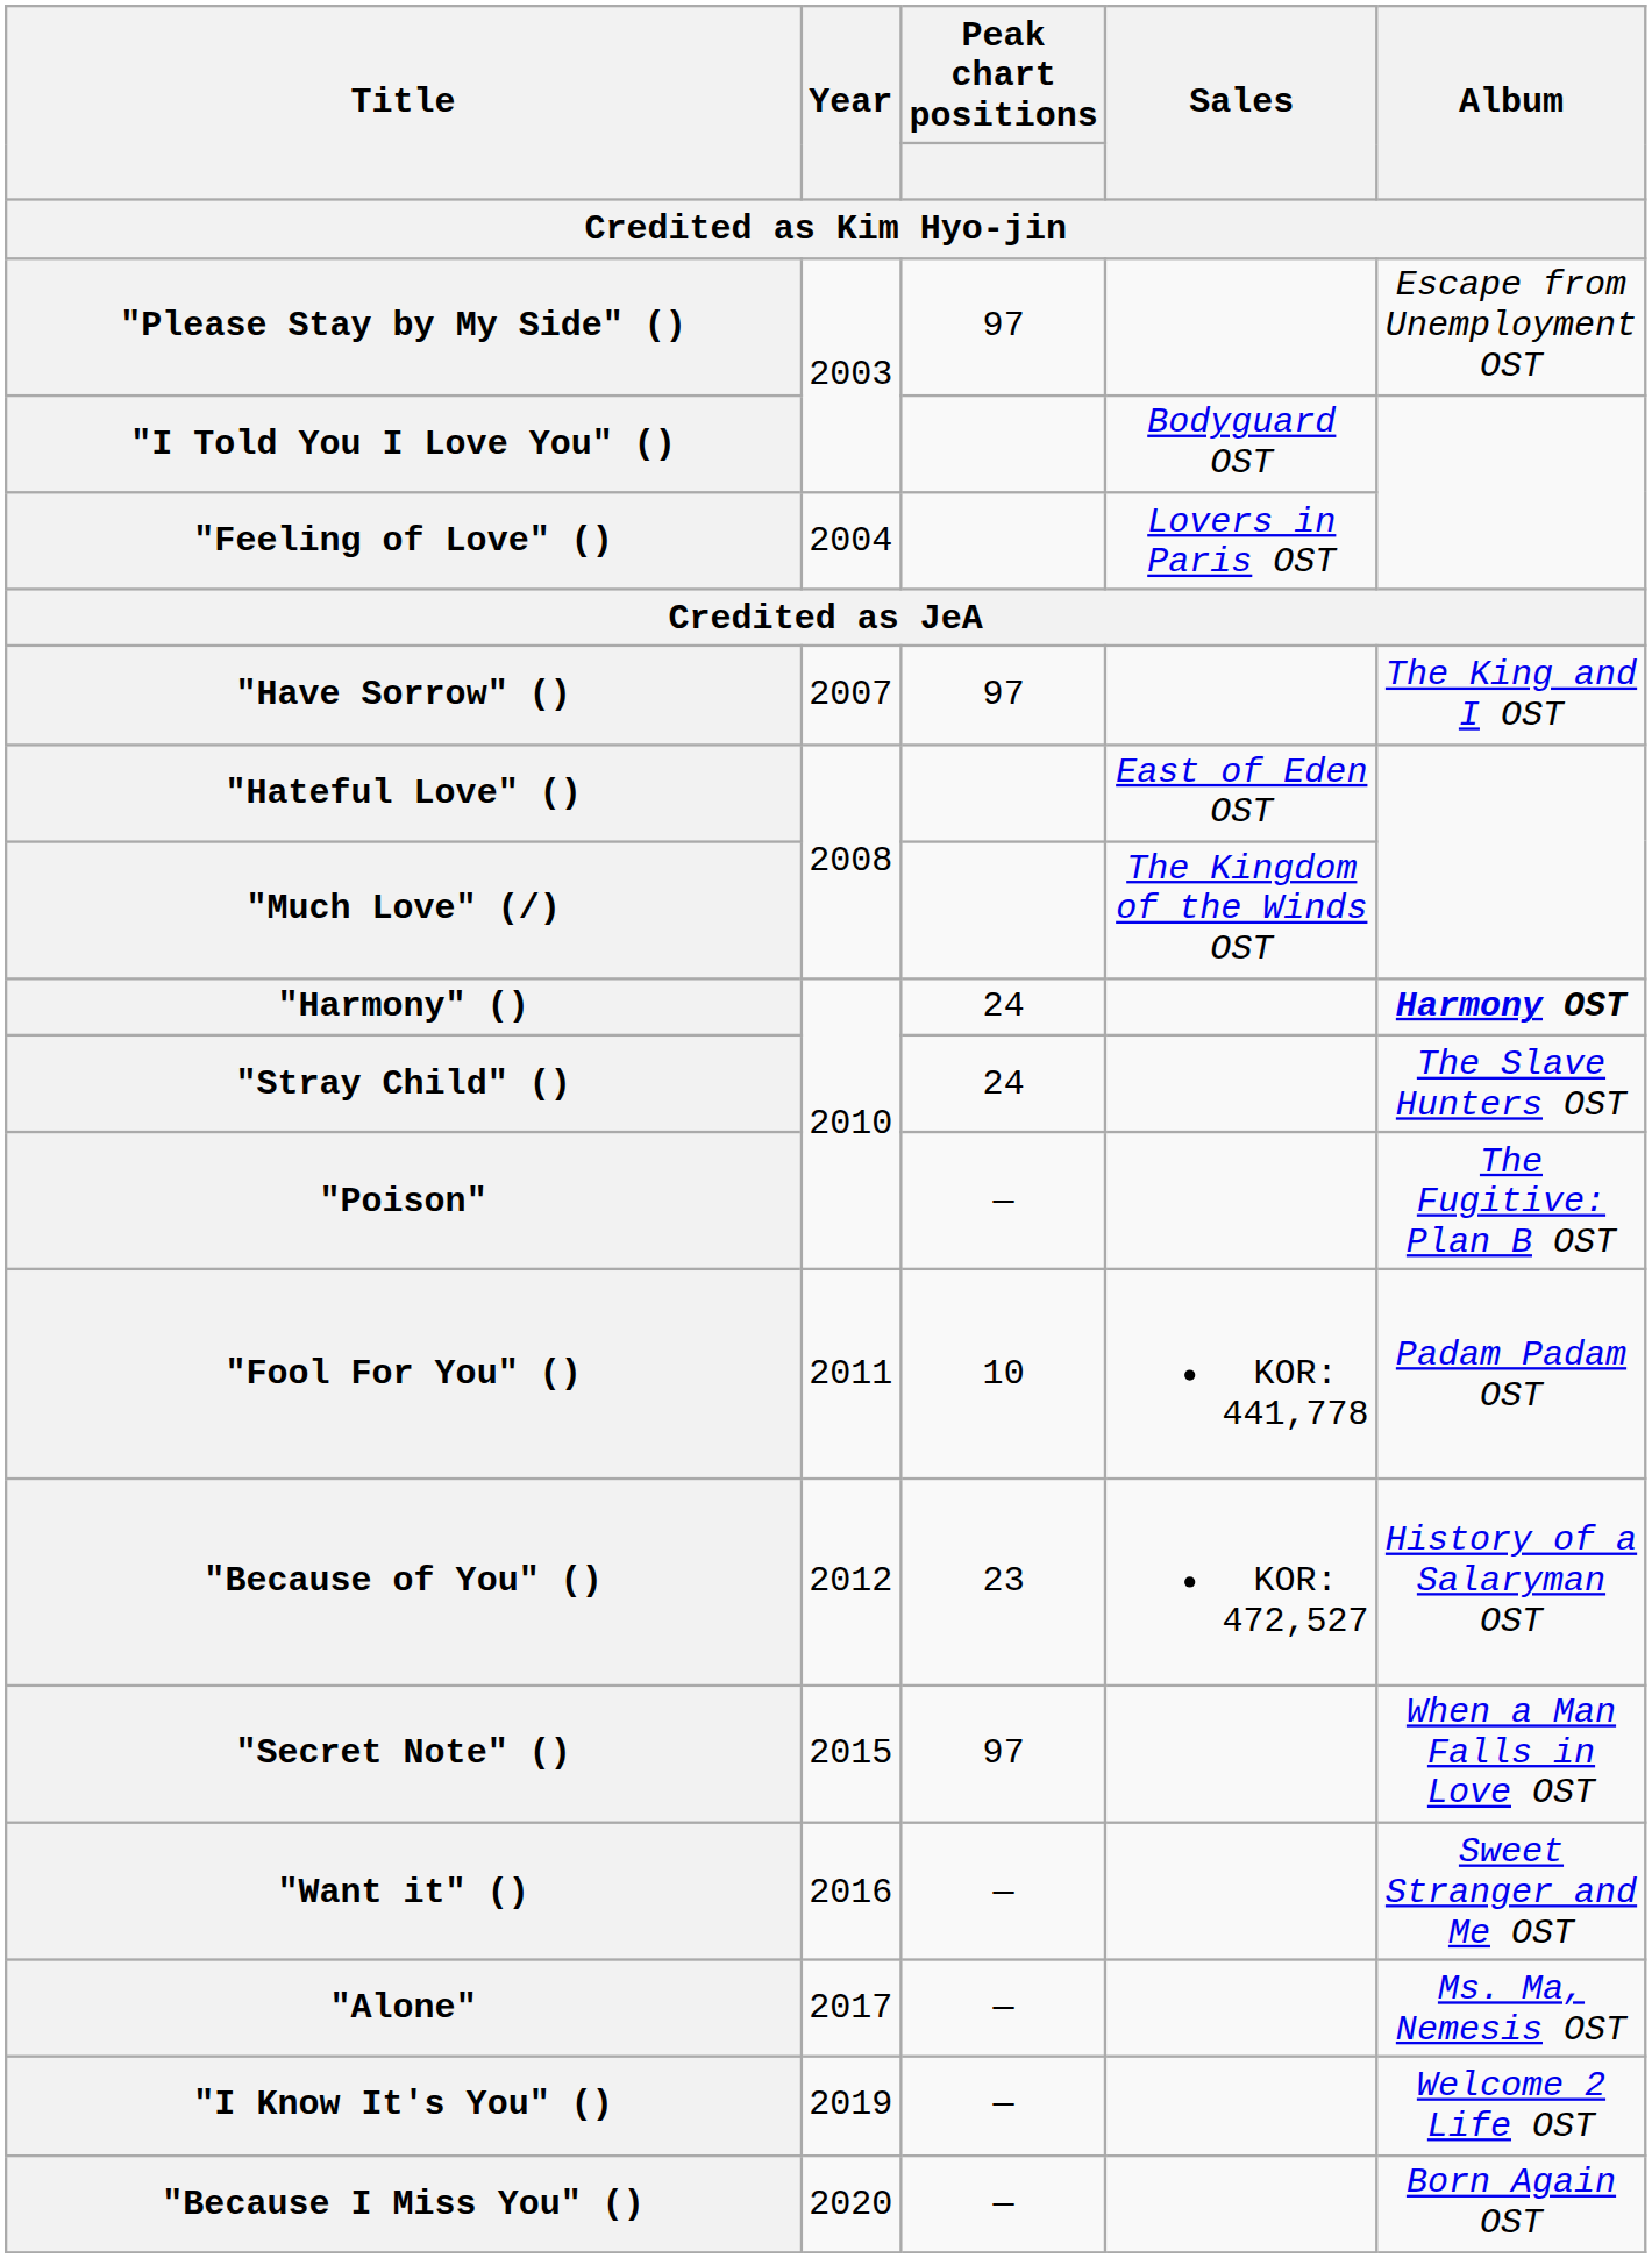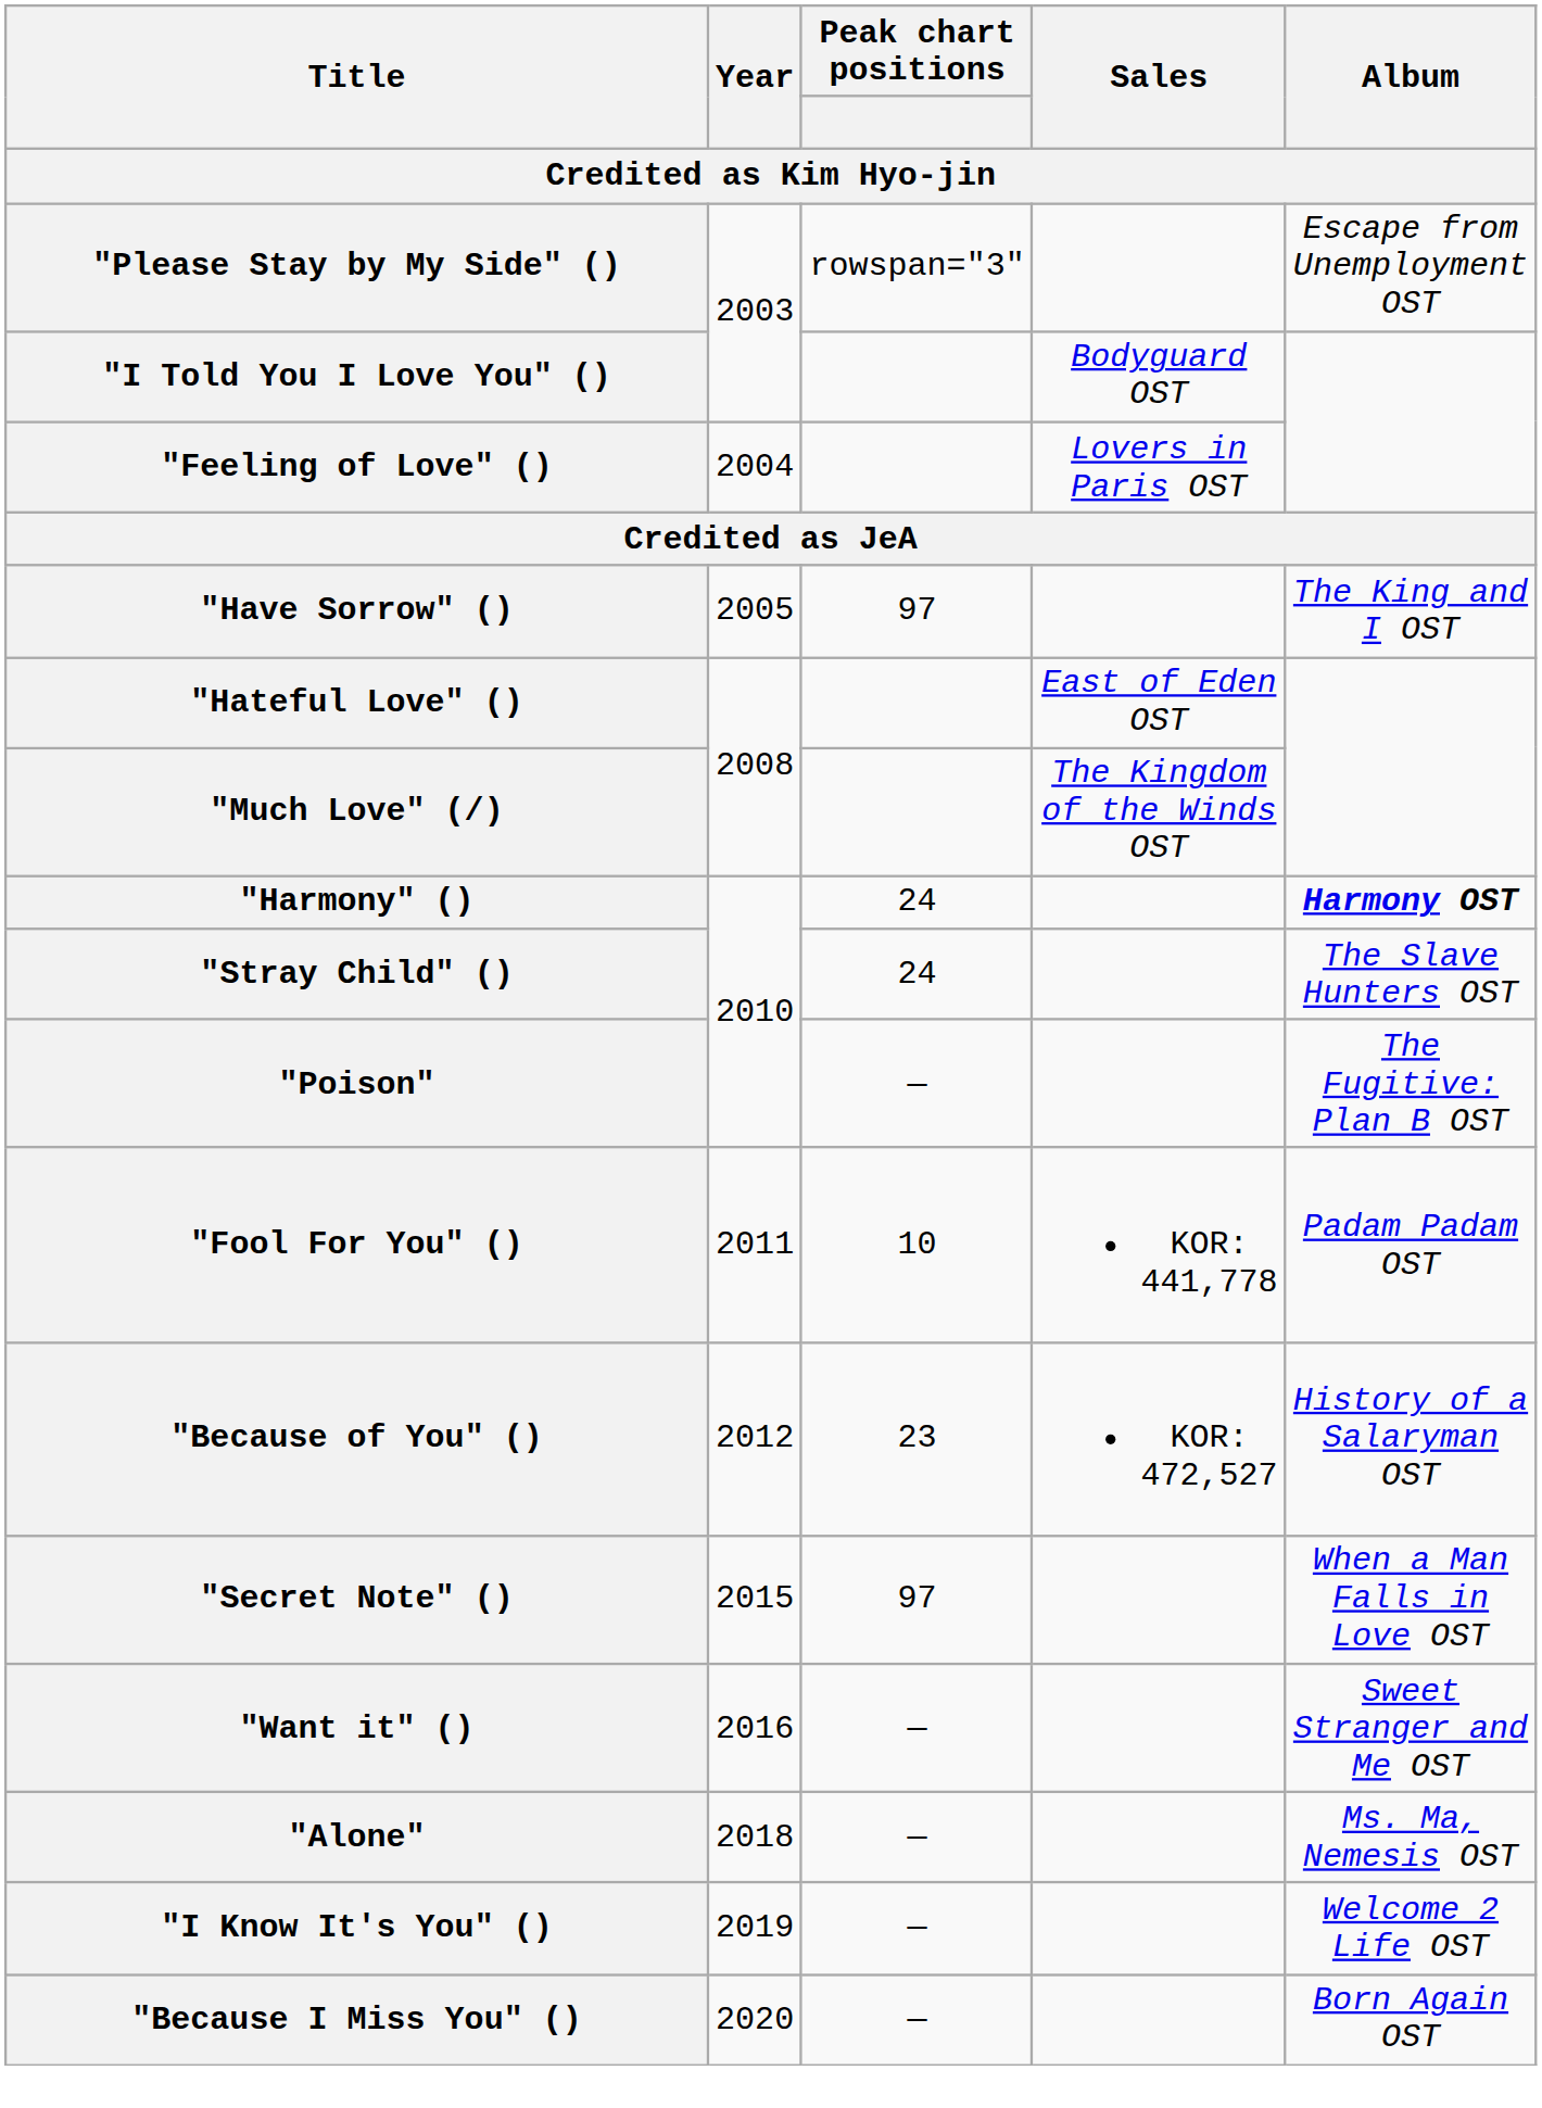 <table class="wikitable plainrowheaders" style="text-align:center">
 <tr>
 <th scope="col" rowspan="2" style="width:25em">Title</th>
 <th rowspan="2" scope="col">Year</th>
 <th>Peak chart positions</th>
 <th rowspan="2" scope="col">Sales</th>
 <th rowspan="2" scope="col">Album</th>
 </tr>
 <tr>
 <th style="width:3em"><br></th>
 </tr>
 <tr>
 <th colspan="5">Credited as Kim Hyo-jin</th>
 </tr>
 <tr>
 <th scope="row">"Please Stay by My Side" ()<br> </th>
 <td rowspan="2">2003</td>
-<td>97</td>
+<td>rowspan="3" </td>
 <td></td>
 <td><em>Escape from Unemployment OST</em></td>
 </tr>
 <tr>
 <th scope="row">"I Told You I Love You" ()</th>
 <td></td>
 <td><em><a href='#'>Bodyguard</a> OST</em></td>
 </tr>
 <tr>
 <th scope="row">"Feeling of Love" ()</th>
 <td>2004</td>
 <td></td>
 <td><em><a href='#'>Lovers in Paris</a> OST</em></td>
 </tr>
 <tr>
 <th colspan="5">Credited as JeA</th>
 </tr>
 <tr>
 <th scope="row">"Have Sorrow" ()</th>
-<td>2007</td>
+<td>2005</td>
 <td>97</td>
 <td></td>
 <td><em><a href='#'>The King and I</a> OST</em></td>
 </tr>
 <tr>
 <th scope="row">"Hateful Love" ()<br> </th>
 <td rowspan="2">2008</td>
 <td></td>
 <td><em><a href='#'>East of Eden</a> OST</em></td>
 </tr>
 <tr>
 <th scope="row">"Much Love" (/)</th>
 <td></td>
 <td><em><a href='#'>The Kingdom of the Winds</a> OST</em></td>
 </tr>
 <tr>
 <th scope="row">"Harmony" ()<br></th>
 <td rowspan="3">2010</td>
 <td>24</td>
 <td></td>
 <td><strong><em><a href='#'>Harmony</a> OST</em></strong></td>
 </tr>
 <tr>
 <th scope="row">"Stray Child" ()</th>
 <td>24</td>
 <td></td>
 <td><em><a href='#'>The Slave Hunters</a> OST</em></td>
 </tr>
 <tr>
 <th scope="row">"Poison"</th>
 <td>—</td>
 <td></td>
 <td><em><a href='#'>The Fugitive: Plan B</a> OST</em></td>
 </tr>
 <tr>
 <th scope="row">"Fool For You" ()</th>
 <td>2011</td>
 <td>10</td>
 <td><br><ul><li>KOR: 441,778</li></ul></td>
 <td><em><a href='#'>Padam Padam</a> OST</em></td>
 </tr>
 <tr>
 <th scope="row">"Because of You" ()</th>
 <td>2012</td>
 <td>23</td>
 <td><br><ul><li>KOR: 472,527</li></ul></td>
 <td><em><a href='#'>History of a Salaryman</a> OST</em></td>
 </tr>
 <tr>
 <th scope="row">"Secret Note" ()</th>
 <td>2015</td>
 <td>97</td>
 <td></td>
 <td><em><a href='#'>When a Man Falls in Love</a> OST</em></td>
 </tr>
 <tr>
 <th scope="row">"Want it" ()<br></th>
 <td>2016</td>
 <td>—</td>
 <td></td>
 <td><em><a href='#'>Sweet Stranger and Me</a> OST</em></td>
 </tr>
 <tr>
 <th scope="row">"Alone"</th>
-<td>2017</td>
+<td>2018</td>
 <td>—</td>
 <td></td>
 <td><em><a href='#'>Ms. Ma, Nemesis</a> OST</em></td>
 </tr>
 <tr>
 <th scope="row">"I Know It's You" ()</th>
 <td>2019</td>
 <td>—</td>
 <td></td>
 <td><em><a href='#'>Welcome 2 Life</a> OST</em></td>
 </tr>
 <tr>
 <th scope="row">"Because I Miss You" ()</th>
 <td>2020</td>
 <td>—</td>
 <td></td>
 <td><em><a href='#'>Born Again</a> OST</em></td>
 </tr>
 </table>
